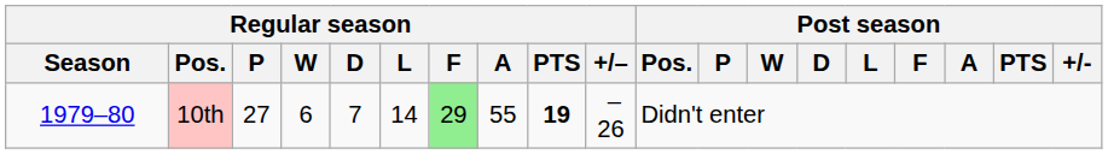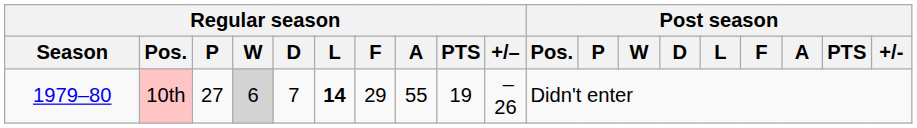 <table class="wikitable">
 <tr>
 <th colspan="10">Regular season</th>
 <th colspan="9">Post season</th>
 </tr>
 <tr>
 <th width="100">Season</th>
 <th width="25">Pos.</th>
 <th width="25">P</th>
 <th width="25">W</th>
 <th width="25">D</th>
 <th width="25">L</th>
 <th width="25">F</th>
 <th width="25">A</th>
 <th width="25">PTS</th>
 <th width="25">+/–</th>
 <th width="25">Pos.</th>
 <th width="25">P</th>
 <th width="25">W</th>
 <th width="25">D</th>
 <th width="25">L</th>
 <th width="25">F</th>
 <th width="25">A</th>
 <th width="25">PTS</th>
 <th width="25">+/-</th>
 </tr>
 <tr>
 <td align="center"><a href='#'>1979–80</a></td>
 <td align="center" bgcolor="FFC5C5">10th</td>
 <td align="center">27</td>
-<td align="center">6</td>
+<td align="center" style="background: lightgrey;">6</td>
 <td align="center">7</td>
-<td align="center">14</td>
-<td align="center" style="background: lightgreen;">29</td>
+<td align="center"><strong>14</strong></td>
+<td align="center">29</td>
 <td align="center">55</td>
-<td align="center"><strong>19</strong></td>
+<td align="center">19</td>
 <td align="center"> –26</td>
 <td colspan="9">Didn't enter</td>
 </tr>
 </table>
